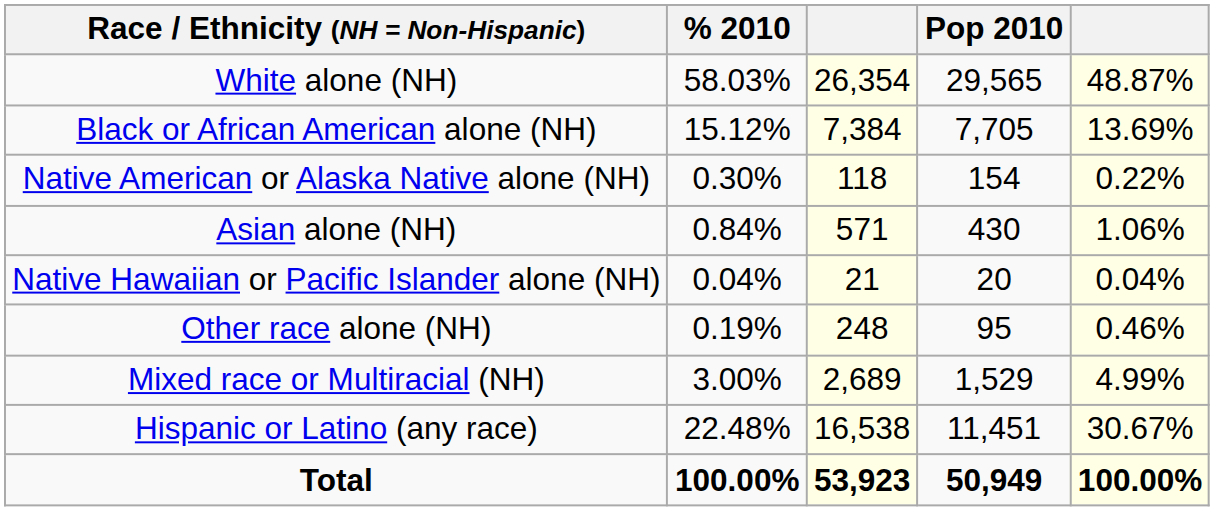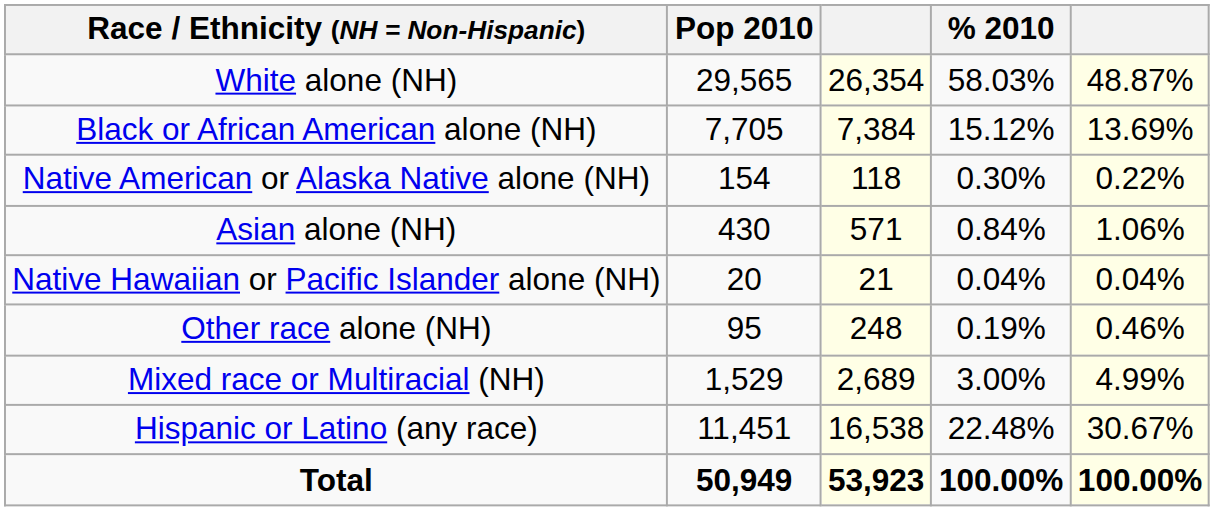 <table class="wikitable" style="text-align:center;">
 <tr>
 <th>Race / Ethnicity <small>(<em>NH = Non-Hispanic</em>)</small></th>
+<th>Pop 2010</th>
+<th></th>
 <th>% 2010</th>
-<th></th>
-<th>Pop 2010</th>
 <th></th>
 </tr>
 <tr>
 <td><a href='#'>White</a> alone (NH)</td>
+<td>29,565</td>
+<td style='background: #ffffe6;'>26,354</td>
 <td>58.03%</td>
-<td style='background: #ffffe6;'>26,354</td>
-<td>29,565</td>
 <td style='background: #ffffe6;'>48.87%</td>
 </tr>
 <tr>
 <td><a href='#'>Black or African American</a> alone (NH)</td>
+<td>7,705</td>
+<td style='background: #ffffe6;'>7,384</td>
 <td>15.12%</td>
-<td style='background: #ffffe6;'>7,384</td>
-<td>7,705</td>
 <td style='background: #ffffe6;'>13.69%</td>
 </tr>
 <tr>
 <td><a href='#'>Native American</a> or <a href='#'>Alaska Native</a> alone (NH)</td>
+<td>154</td>
+<td style='background: #ffffe6;'>118</td>
 <td>0.30%</td>
-<td style='background: #ffffe6;'>118</td>
-<td>154</td>
 <td style='background: #ffffe6;'>0.22%</td>
 </tr>
 <tr>
 <td><a href='#'>Asian</a> alone (NH)</td>
+<td>430</td>
+<td style='background: #ffffe6;'>571</td>
 <td>0.84%</td>
-<td style='background: #ffffe6;'>571</td>
-<td>430</td>
 <td style='background: #ffffe6;'>1.06%</td>
 </tr>
 <tr>
 <td><a href='#'>Native Hawaiian</a> or <a href='#'>Pacific Islander</a> alone (NH)</td>
+<td>20</td>
+<td style='background: #ffffe6;'>21</td>
 <td>0.04%</td>
-<td style='background: #ffffe6;'>21</td>
-<td>20</td>
 <td style='background: #ffffe6;'>0.04%</td>
 </tr>
 <tr>
 <td><a href='#'>Other race</a> alone (NH)</td>
+<td>95</td>
+<td style='background: #ffffe6;'>248</td>
 <td>0.19%</td>
-<td style='background: #ffffe6;'>248</td>
-<td>95</td>
 <td style='background: #ffffe6;'>0.46%</td>
 </tr>
 <tr>
 <td><a href='#'>Mixed race or Multiracial</a> (NH)</td>
+<td>1,529</td>
+<td style='background: #ffffe6;'>2,689</td>
 <td>3.00%</td>
-<td style='background: #ffffe6;'>2,689</td>
-<td>1,529</td>
 <td style='background: #ffffe6;'>4.99%</td>
 </tr>
 <tr>
 <td><a href='#'>Hispanic or Latino</a> (any race)</td>
+<td>11,451</td>
+<td style='background: #ffffe6;'>16,538</td>
 <td>22.48%</td>
-<td style='background: #ffffe6;'>16,538</td>
-<td>11,451</td>
 <td style='background: #ffffe6;'>30.67%</td>
 </tr>
 <tr>
 <td><strong>Total</strong></td>
+<td><strong>50,949</strong></td>
+<td style='background: #ffffe6;'><strong>53,923</strong></td>
 <td><strong>100.00%</strong></td>
-<td style='background: #ffffe6;'><strong>53,923</strong></td>
-<td><strong>50,949</strong></td>
 <td style='background: #ffffe6;'><strong>100.00%</strong></td>
 </tr>
 </table>
